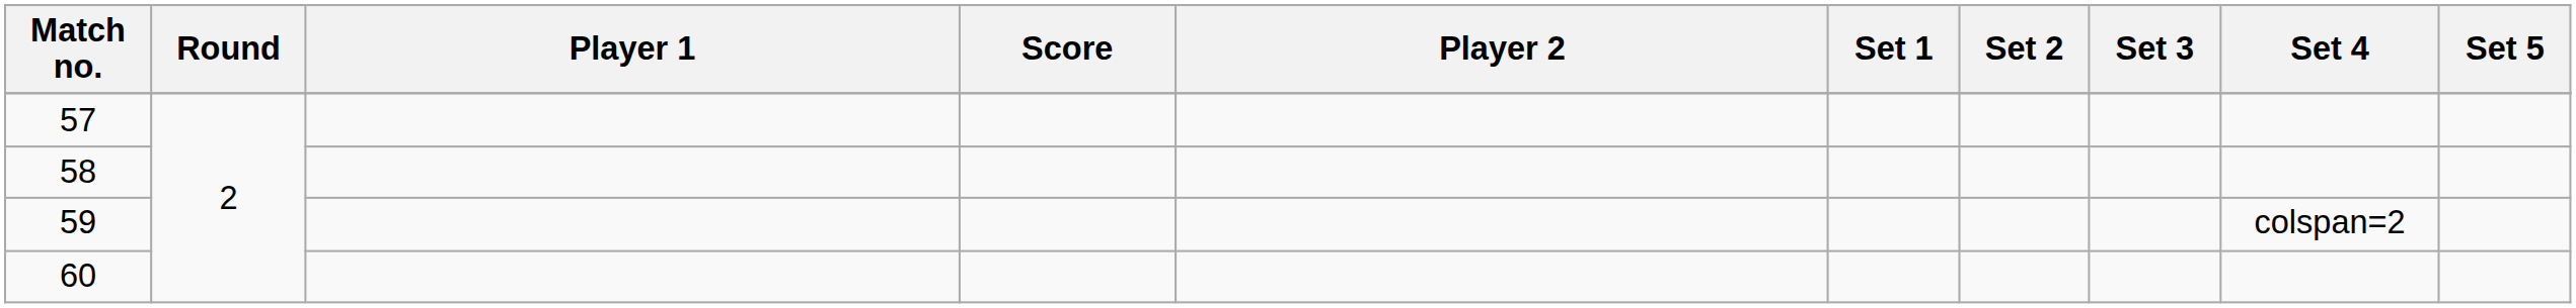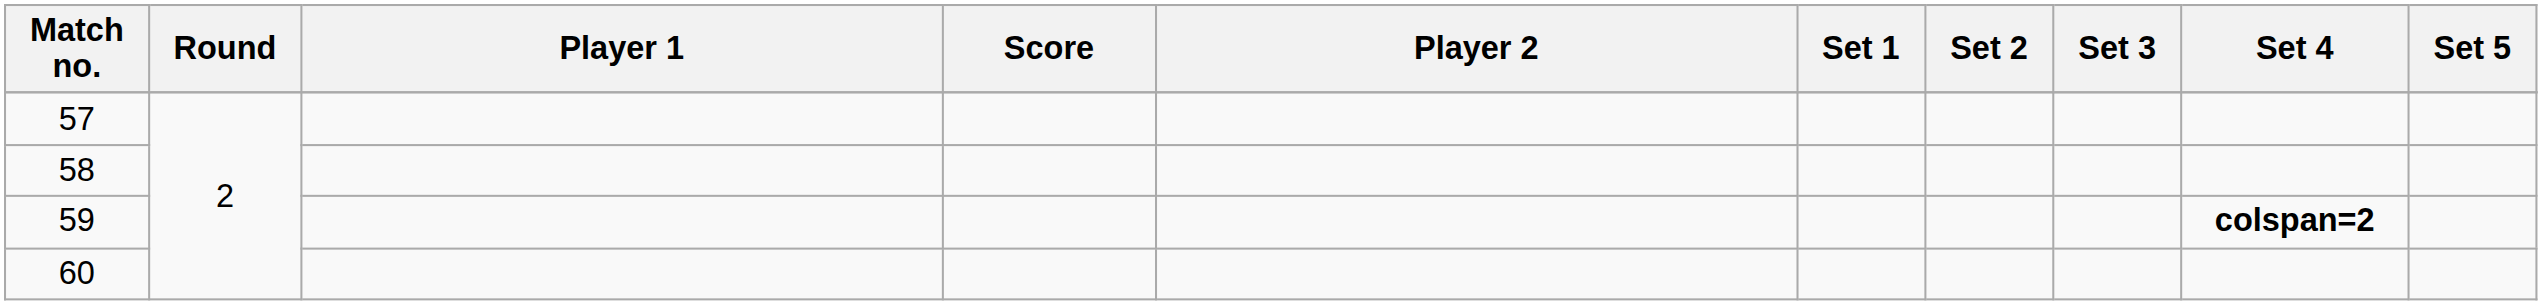 <table class="wikitable" style="text-align: center;">
 <tr>
 <th width="2%">Match no.</th>
 <th width="2%">Round</th>
 <th width="15%">Player 1</th>
 <th width="5%">Score</th>
 <th width="15%">Player 2</th>
 <th width="3%">Set 1</th>
 <th width="3%">Set 2</th>
 <th width="3%">Set 3</th>
 <th width="3%">Set 4</th>
 <th width="3%">Set 5</th>
 </tr>
 <tr>
 </tr>
 <tr style=text-align:center;>
 <td>57</td>
 <td rowspan=4>2</td>
 <td></td>
 <td></td>
 <td></td>
 <td></td>
 <td></td>
 <td></td>
 <td></td>
 <td></td>
 </tr>
 <tr style=text-align:center;>
 <td>58</td>
 <td></td>
 <td></td>
 <td></td>
 <td></td>
 <td></td>
 <td></td>
 <td></td>
 <td></td>
 </tr>
 <tr style=text-align:center;>
 <td>59</td>
 <td></td>
 <td></td>
 <td></td>
 <td></td>
 <td></td>
 <td></td>
-<td>colspan=2</td>
+<td><strong>colspan=2</strong></td>
 </tr>
 <tr style=text-align:center;>
 <td>60</td>
 <td></td>
 <td></td>
 <td></td>
 <td></td>
 <td></td>
 <td></td>
 <td></td>
 <td></td>
 </tr>
 </table>
